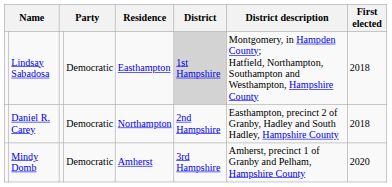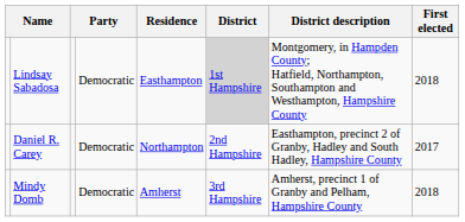 <table class="wikitable sortable" style="text-align:left;">
 <tr>
 <th colspan="2">Name</th>
 <th colspan=2>Party</th>
 <th>Residence</th>
 <th>District</th>
 <th>District description</th>
 <th>First elected</th>
 </tr>
 <tr>
 <td></td>
 <td><a href='#'>Lindsay Sabadosa</a></td>
 <td style="background-color:"></td>
 <td>Democratic</td>
 <td><a href='#'>Easthampton</a></td>
 <td style="background: lightgrey;"><a href='#'>1st Hampshire</a></td>
 <td>Montgomery, in <a href='#'>Hampden County</a>;<br>Hatfield, Northampton, Southampton and Westhampton, <a href='#'>Hampshire County</a></td>
 <td>2018</td>
 </tr>
 <tr>
 <td></td>
 <td><a href='#'>Daniel R. Carey</a></td>
 <td style="background-color:"></td>
 <td>Democratic</td>
 <td><a href='#'>Northampton</a></td>
 <td><a href='#'>2nd Hampshire</a></td>
 <td>Easthampton, precinct 2 of Granby, Hadley and South Hadley, <a href='#'>Hampshire County</a></td>
-<td>2018</td>
+<td>2017</td>
 </tr>
 <tr>
 <td></td>
 <td><a href='#'>Mindy Domb</a></td>
 <td style="background-color:"></td>
 <td>Democratic</td>
 <td><a href='#'>Amherst</a></td>
 <td><a href='#'>3rd Hampshire</a></td>
 <td>Amherst, precinct 1 of Granby and Pelham, <a href='#'>Hampshire County</a></td>
-<td>2020</td>
+<td>2018</td>
 </tr>
 </table>
